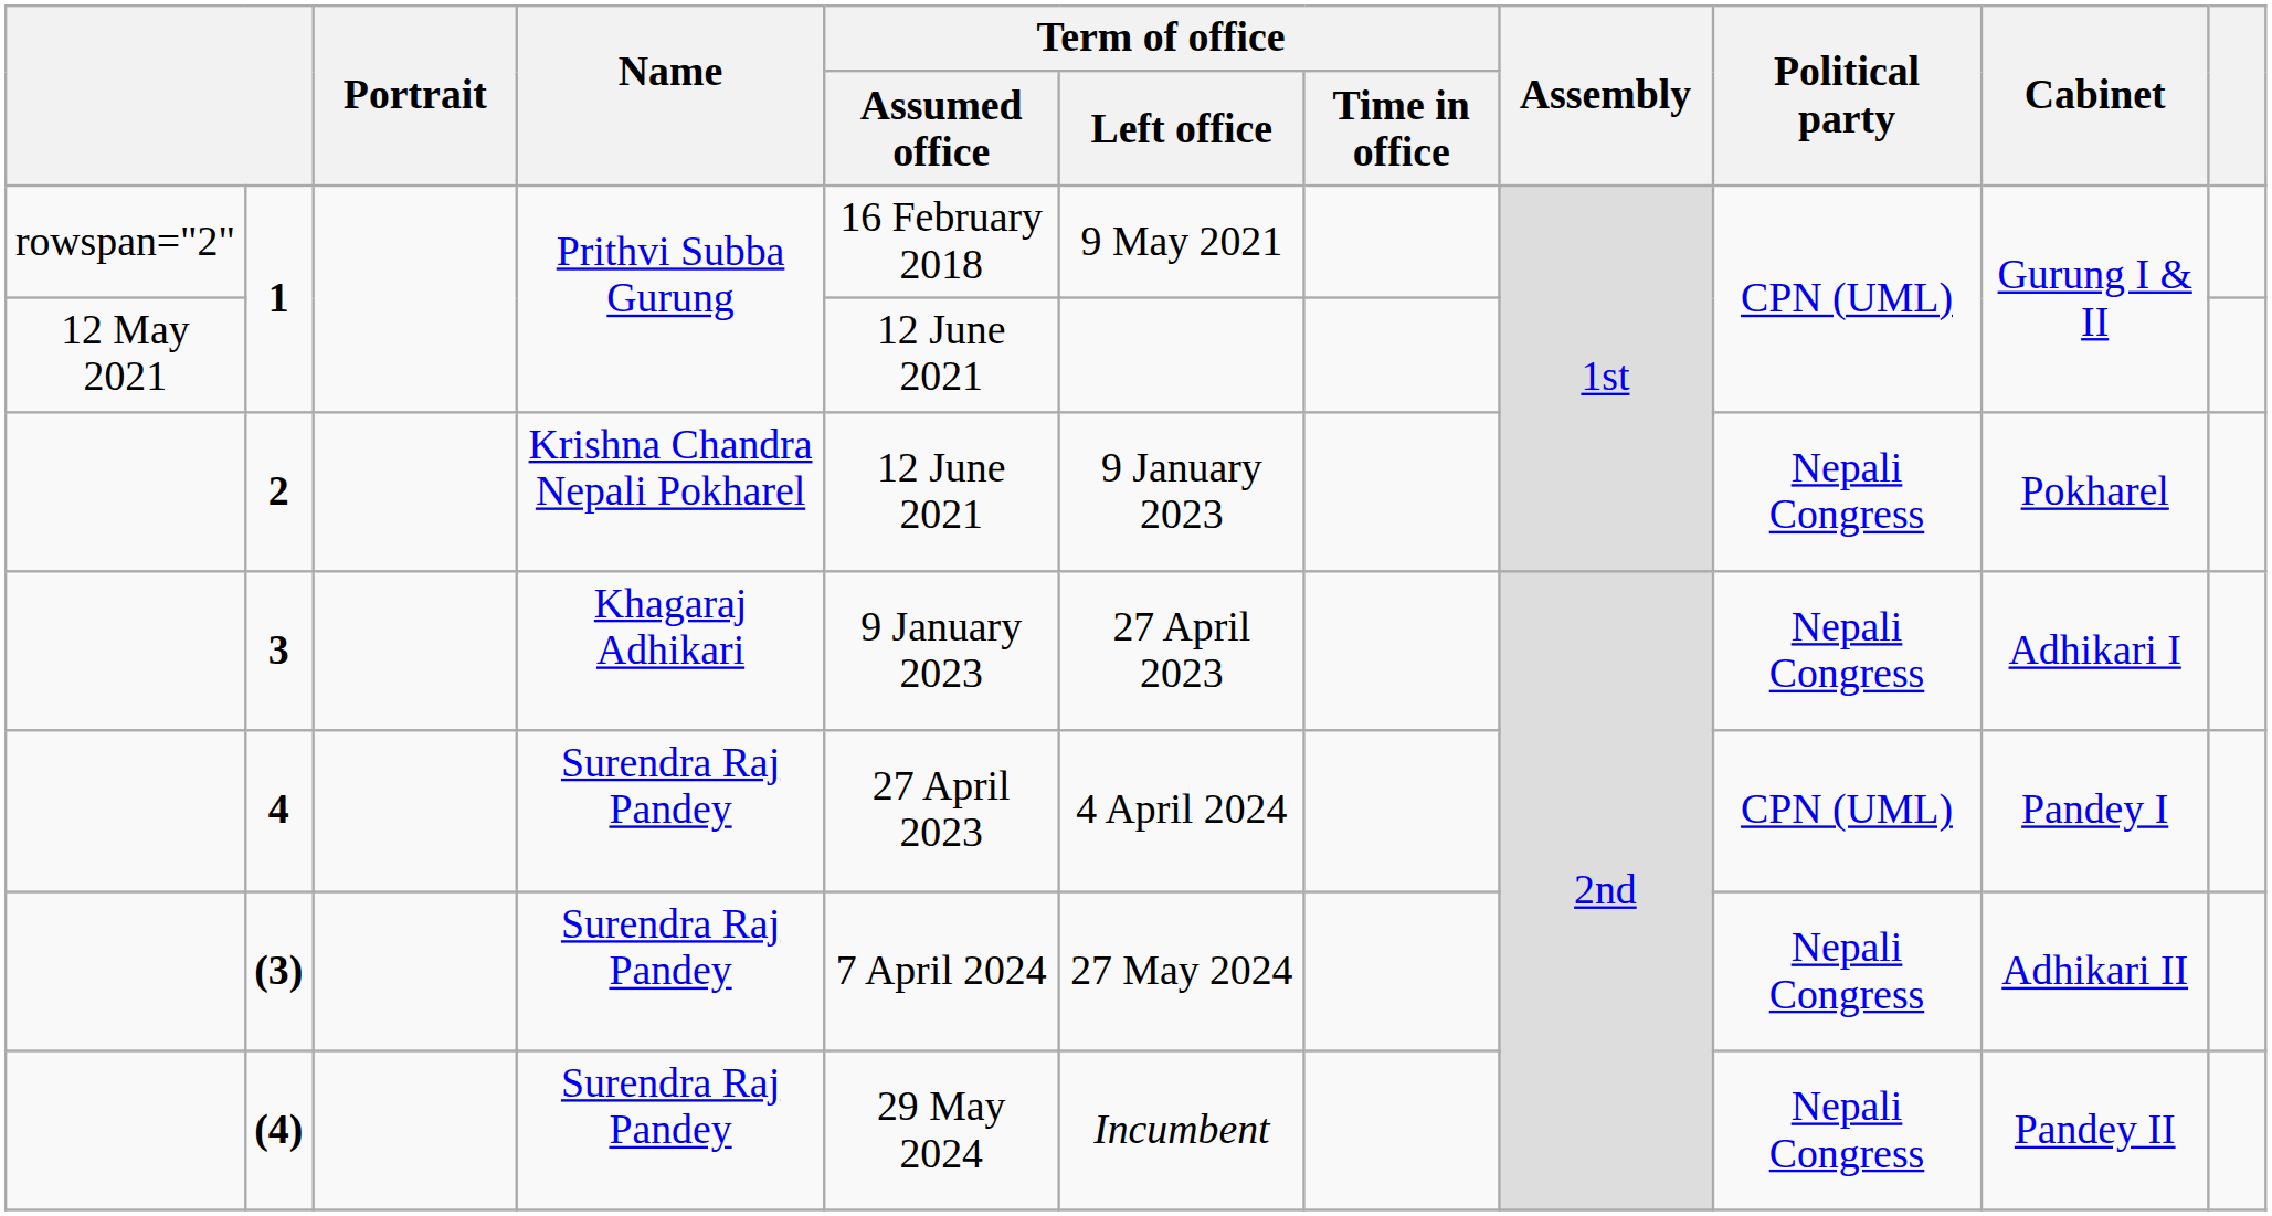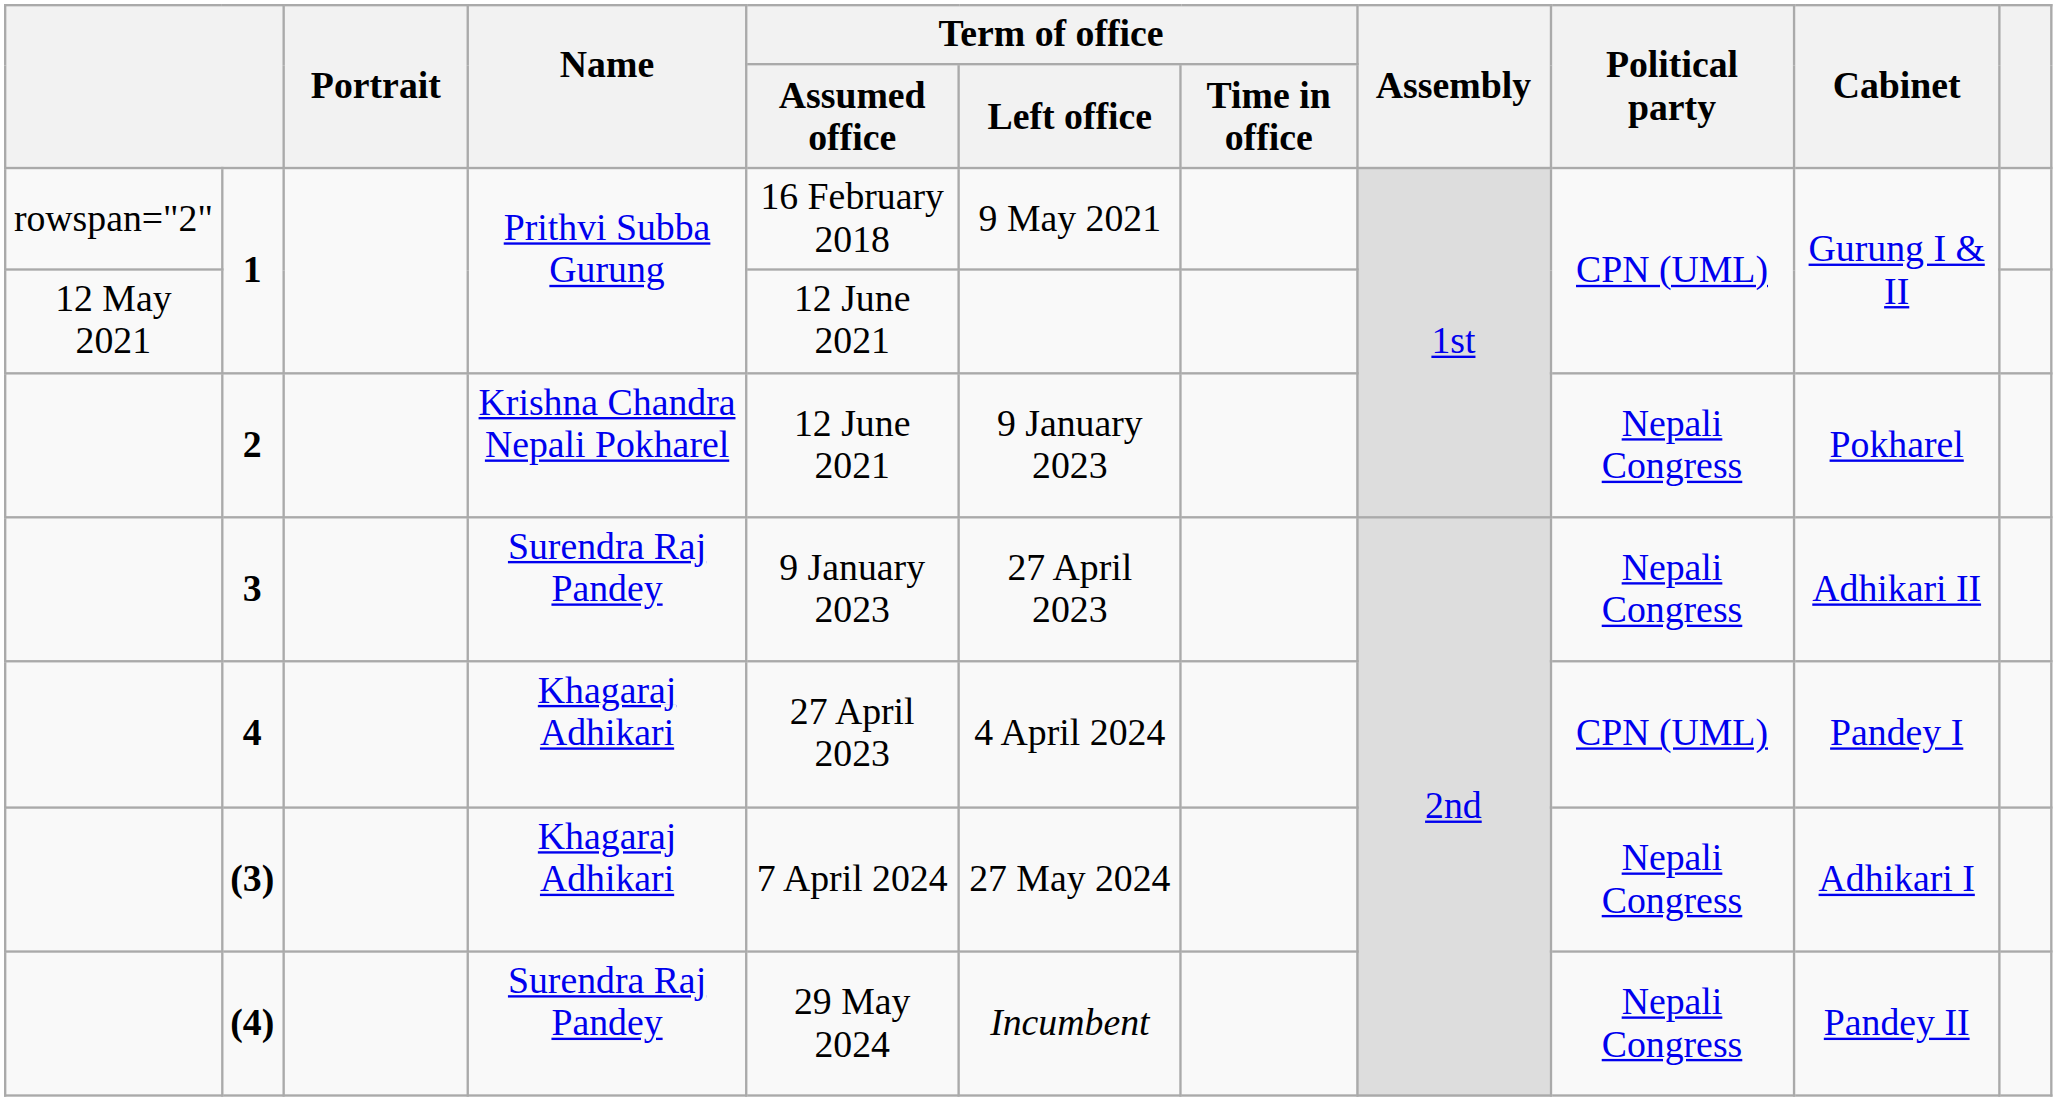 <table class="wikitable sortable" style="text-align:center;">
 <tr>
 <th colspan="2" rowspan="2" width="25px"></th>
 <th rowspan="2" width="100px">Portrait</th>
 <th rowspan="2" width="200px">Name<br><br></th>
 <th colspan="3">Term of office</th>
 <th rowspan="2" width="90px">Assembly<br></th>
 <th rowspan="2" width="160px">Political party</th>
 <th rowspan="2" width="120px">Cabinet</th>
 <th rowspan="2" width="40px"></th>
 </tr>
 <tr>
 <th width="120px">Assumed office</th>
 <th width="120px">Left office</th>
 <th width="120px">Time in office</th>
 </tr>
 <tr>
 <td>rowspan="2" </td>
 <td rowspan="2"><strong>1</strong></td>
 <td rowspan="2"></td>
 <td rowspan="2"><a href='#'>Prithvi Subba Gurung</a><br><br></td>
 <td>16 February 2018</td>
 <td>9 May 2021</td>
 <td></td>
 <td rowspan="3" bgcolor="dddddd"><a href='#'>1st</a><br></td>
 <td rowspan="2"><a href='#'>CPN (UML)</a></td>
 <td rowspan="2"><a href='#'>Gurung I & II</a></td>
 <td></td>
 </tr>
 <tr>
 <td>12 May 2021</td>
 <td>12 June 2021</td>
 <td></td>
 <td></td>
 </tr>
 <tr>
 <td></td>
 <td><strong>2</strong></td>
 <td></td>
 <td><a href='#'>Krishna Chandra Nepali Pokharel</a><br><br></td>
 <td>12 June 2021</td>
 <td>9 January 2023</td>
 <td></td>
 <td><a href='#'>Nepali Congress</a></td>
 <td><a href='#'>Pokharel</a></td>
 <td></td>
 </tr>
 <tr>
 <td></td>
 <td><strong>3</strong></td>
 <td></td>
-<td><a href='#'>Khagaraj Adhikari</a><br><br></td>
+<td><a href='#'>Surendra Raj Pandey</a><br><br></td>
 <td>9 January 2023</td>
 <td>27 April 2023</td>
 <td></td>
 <td rowspan="4" bgcolor="dddddd"><a href='#'>2nd</a><br></td>
 <td><a href='#'>Nepali Congress</a></td>
-<td><a href='#'>Adhikari I</a></td>
+<td><a href='#'>Adhikari II</a></td>
 <td></td>
 </tr>
 <tr>
 <td></td>
 <td><strong>4</strong></td>
 <td></td>
-<td><a href='#'>Surendra Raj Pandey</a><br><br></td>
+<td><a href='#'>Khagaraj Adhikari</a><br><br></td>
 <td>27 April 2023</td>
 <td>4 April 2024</td>
 <td></td>
 <td><a href='#'>CPN (UML)</a></td>
 <td><a href='#'>Pandey I</a></td>
 <td></td>
 </tr>
 <tr>
 <td></td>
 <td><strong>(3)</strong></td>
 <td></td>
-<td><a href='#'>Surendra Raj Pandey</a><br><br></td>
+<td><a href='#'>Khagaraj Adhikari</a><br><br></td>
 <td>7 April 2024</td>
 <td>27 May 2024</td>
 <td></td>
 <td><a href='#'>Nepali Congress</a></td>
-<td><a href='#'>Adhikari II</a></td>
+<td><a href='#'>Adhikari I</a></td>
 <td></td>
 </tr>
 <tr>
 <td></td>
 <td><strong>(4)</strong></td>
 <td></td>
 <td><a href='#'>Surendra Raj Pandey</a><br><br></td>
 <td>29 May 2024</td>
 <td><em>Incumbent</em></td>
 <td></td>
 <td><a href='#'>Nepali Congress</a></td>
 <td><a href='#'>Pandey II</a></td>
 <td></td>
 </tr>
 </table>
